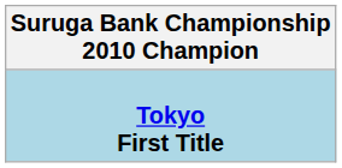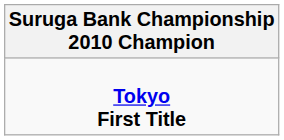 <table class="wikitable" style="text-align: center; margin: 0 auto;">
 <tr>
 <th>Suruga Bank Championship<br>2010 Champion</th>
 </tr>
 <tr>
-<td style="background: lightblue;"><br><strong><a href='#'>Tokyo</a></strong><br><strong>First Title</strong></td>
+<td><br><strong><a href='#'>Tokyo</a></strong><br><strong>First Title</strong></td>
 </tr>
 </table>
